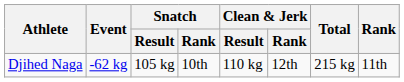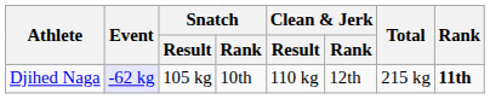 <table class="wikitable" style="font-size:90%">
 <tr>
 <th rowspan=2>Athlete</th>
 <th rowspan=2>Event</th>
 <th colspan=2>Snatch</th>
 <th colspan=2>Clean & Jerk</th>
 <th rowspan=2>Total</th>
 <th rowspan=2>Rank</th>
 </tr>
 <tr>
 <th>Result</th>
 <th>Rank</th>
 <th>Result</th>
 <th>Rank</th>
 </tr>
 <tr>
 <td><a href='#'>Djihed Naga</a></td>
-<td><a href='#'>-62 kg</a></td>
+<td style="background: lavender;"><a href='#'>-62 kg</a></td>
 <td>105 kg</td>
 <td>10th</td>
 <td>110 kg</td>
 <td>12th</td>
 <td>215 kg</td>
-<td>11th</td>
+<td><strong>11th</strong></td>
 </tr>
 </table>
